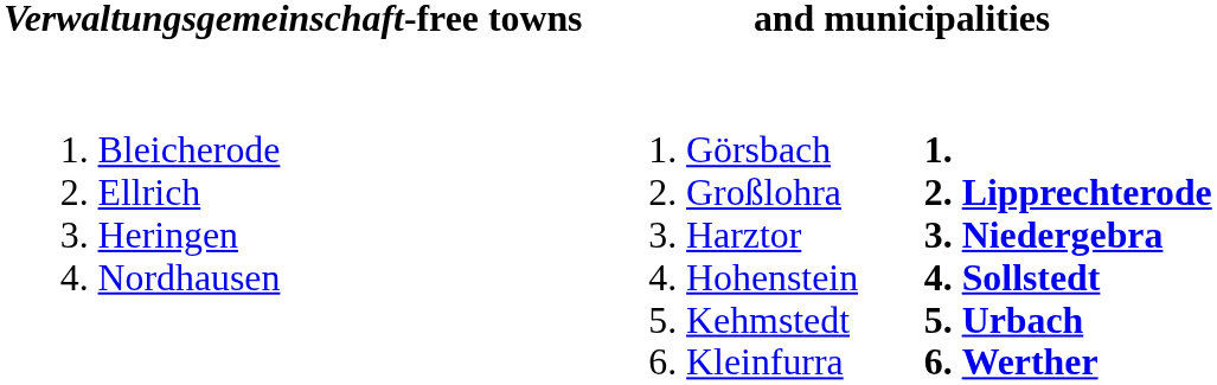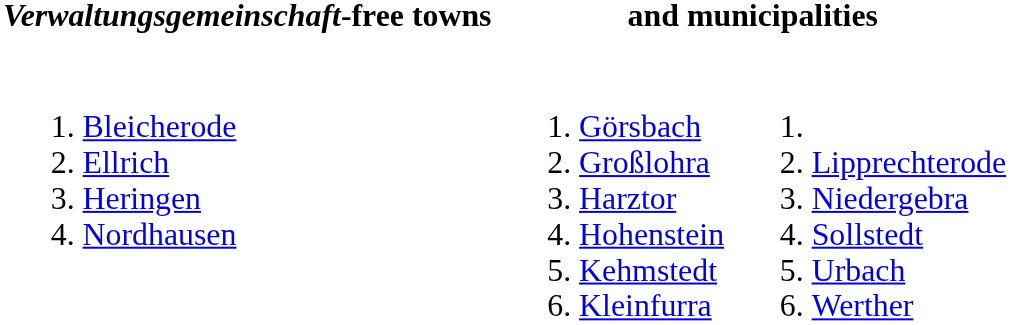 <table>
 <tr ---->
 <th><em>Verwaltungsgemeinschaft</em>-free towns</th>
 <th colspan=2>and municipalities</th>
 </tr>
 <tr>
 <td valign=top><br><ol><li><a href='#'>Bleicherode</a></li><li><a href='#'>Ellrich</a></li><li><a href='#'>Heringen</a></li><li><a href='#'>Nordhausen</a></li></ol></td>
 <td valign=top><br><ol><li><a href='#'>Görsbach</a></li><li><a href='#'>Großlohra</a></li><li><a href='#'>Harztor</a></li><li><a href='#'>Hohenstein</a></li><li><a href='#'>Kehmstedt</a></li><li><a href='#'>Kleinfurra</a></li></ol></td>
-<td valign=top><strong><br><ol><li><li><a href='#'>Lipprechterode</a></li><li><a href='#'>Niedergebra</a></li><li><a href='#'>Sollstedt</a></li><li><a href='#'>Urbach</a></li><li><a href='#'>Werther</a></li></ol></strong></td>
+<td valign=top><br><ol><li><li><a href='#'>Lipprechterode</a></li><li><a href='#'>Niedergebra</a></li><li><a href='#'>Sollstedt</a></li><li><a href='#'>Urbach</a></li><li><a href='#'>Werther</a></li></ol></td>
 </tr>
 </table>
